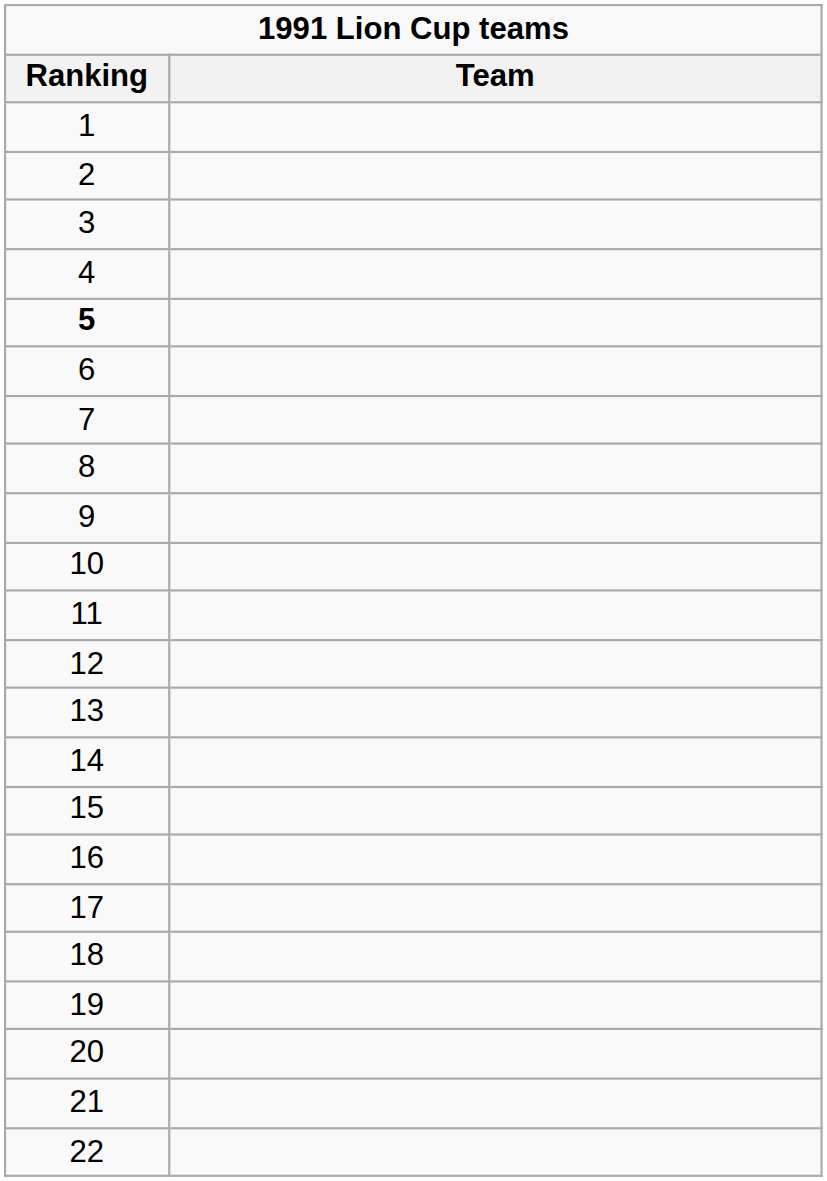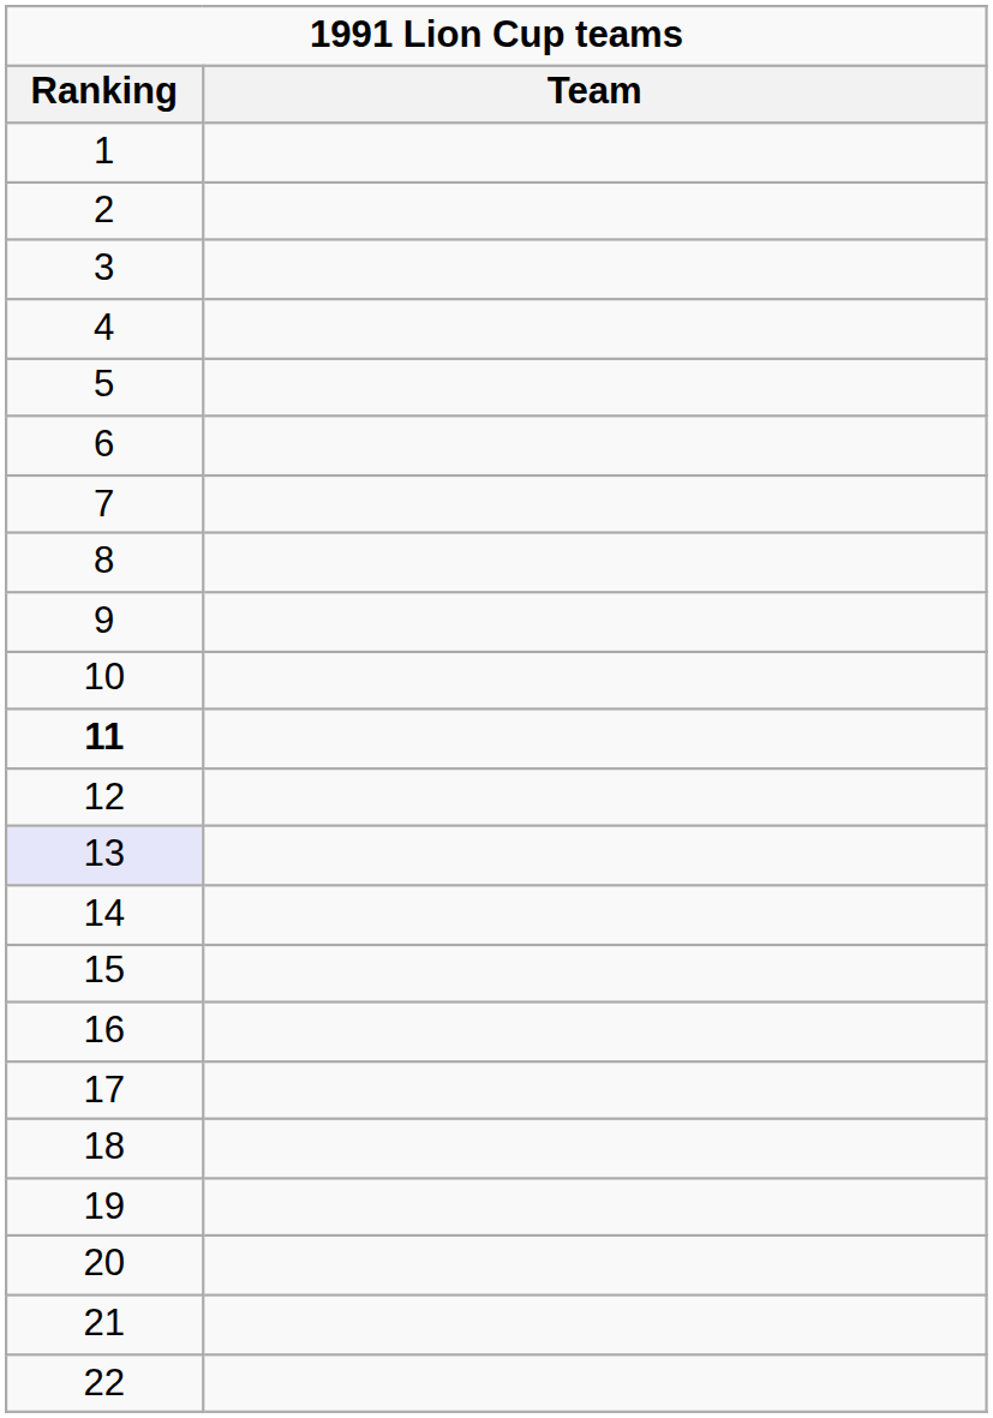 <table class="wikitable" style="text-align:left; line-height:110%; font-size:90%; width:30%;">
 <tr>
 <td colspan="2" cellpadding="0" cellspacing="0" style="text-align:center"><strong>1991 Lion Cup teams</strong></td>
 </tr>
 <tr>
 <th style="width:20%;">Ranking</th>
 <th style="width:80%;">Team</th>
 </tr>
 <tr>
 <td style="text-align:center">1</td>
 <td></td>
 </tr>
 <tr>
 <td style="text-align:center">2</td>
 <td></td>
 </tr>
 <tr>
 <td style="text-align:center">3</td>
 <td></td>
 </tr>
 <tr>
 <td style="text-align:center">4</td>
 <td></td>
 </tr>
 <tr>
-<td style="text-align:center"><strong>5</strong></td>
+<td style="text-align:center">5</td>
 <td></td>
 </tr>
 <tr>
 <td style="text-align:center">6</td>
 <td></td>
 </tr>
 <tr>
 <td style="text-align:center">7</td>
 <td></td>
 </tr>
 <tr>
 <td style="text-align:center">8</td>
 <td></td>
 </tr>
 <tr>
 <td style="text-align:center">9</td>
 <td></td>
 </tr>
 <tr>
 <td style="text-align:center">10</td>
 <td></td>
 </tr>
 <tr>
-<td style="text-align:center">11</td>
+<td style="text-align:center"><strong>11</strong></td>
 <td></td>
 </tr>
 <tr>
 <td style="text-align:center">12</td>
 <td></td>
 </tr>
 <tr>
-<td style="text-align:center">13</td>
+<td style="background: lavender; text-align:center">13</td>
 <td></td>
 </tr>
 <tr>
 <td style="text-align:center">14</td>
 <td></td>
 </tr>
 <tr>
 <td style="text-align:center">15</td>
 <td></td>
 </tr>
 <tr>
 <td style="text-align:center">16</td>
 <td></td>
 </tr>
 <tr>
 <td style="text-align:center">17</td>
 <td></td>
 </tr>
 <tr>
 <td style="text-align:center">18</td>
 <td></td>
 </tr>
 <tr>
 <td style="text-align:center">19</td>
 <td></td>
 </tr>
 <tr>
 <td style="text-align:center">20</td>
 <td></td>
 </tr>
 <tr>
 <td style="text-align:center">21</td>
 <td></td>
 </tr>
 <tr>
 <td style="text-align:center">22</td>
 <td></td>
 </tr>
 </table>
